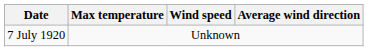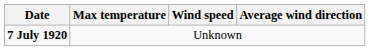 <table class="wikitable" style="text-align:right; font-size:90%">
 <tr>
 <th>Date</th>
 <th>Max temperature</th>
 <th>Wind speed</th>
 <th>Average wind direction</th>
 </tr>
 <tr>
-<td>7 July 1920</td>
+<td><strong>7 July 1920</strong></td>
 <td colspan=3 align=center>Unknown</td>
 </tr>
 </table>
